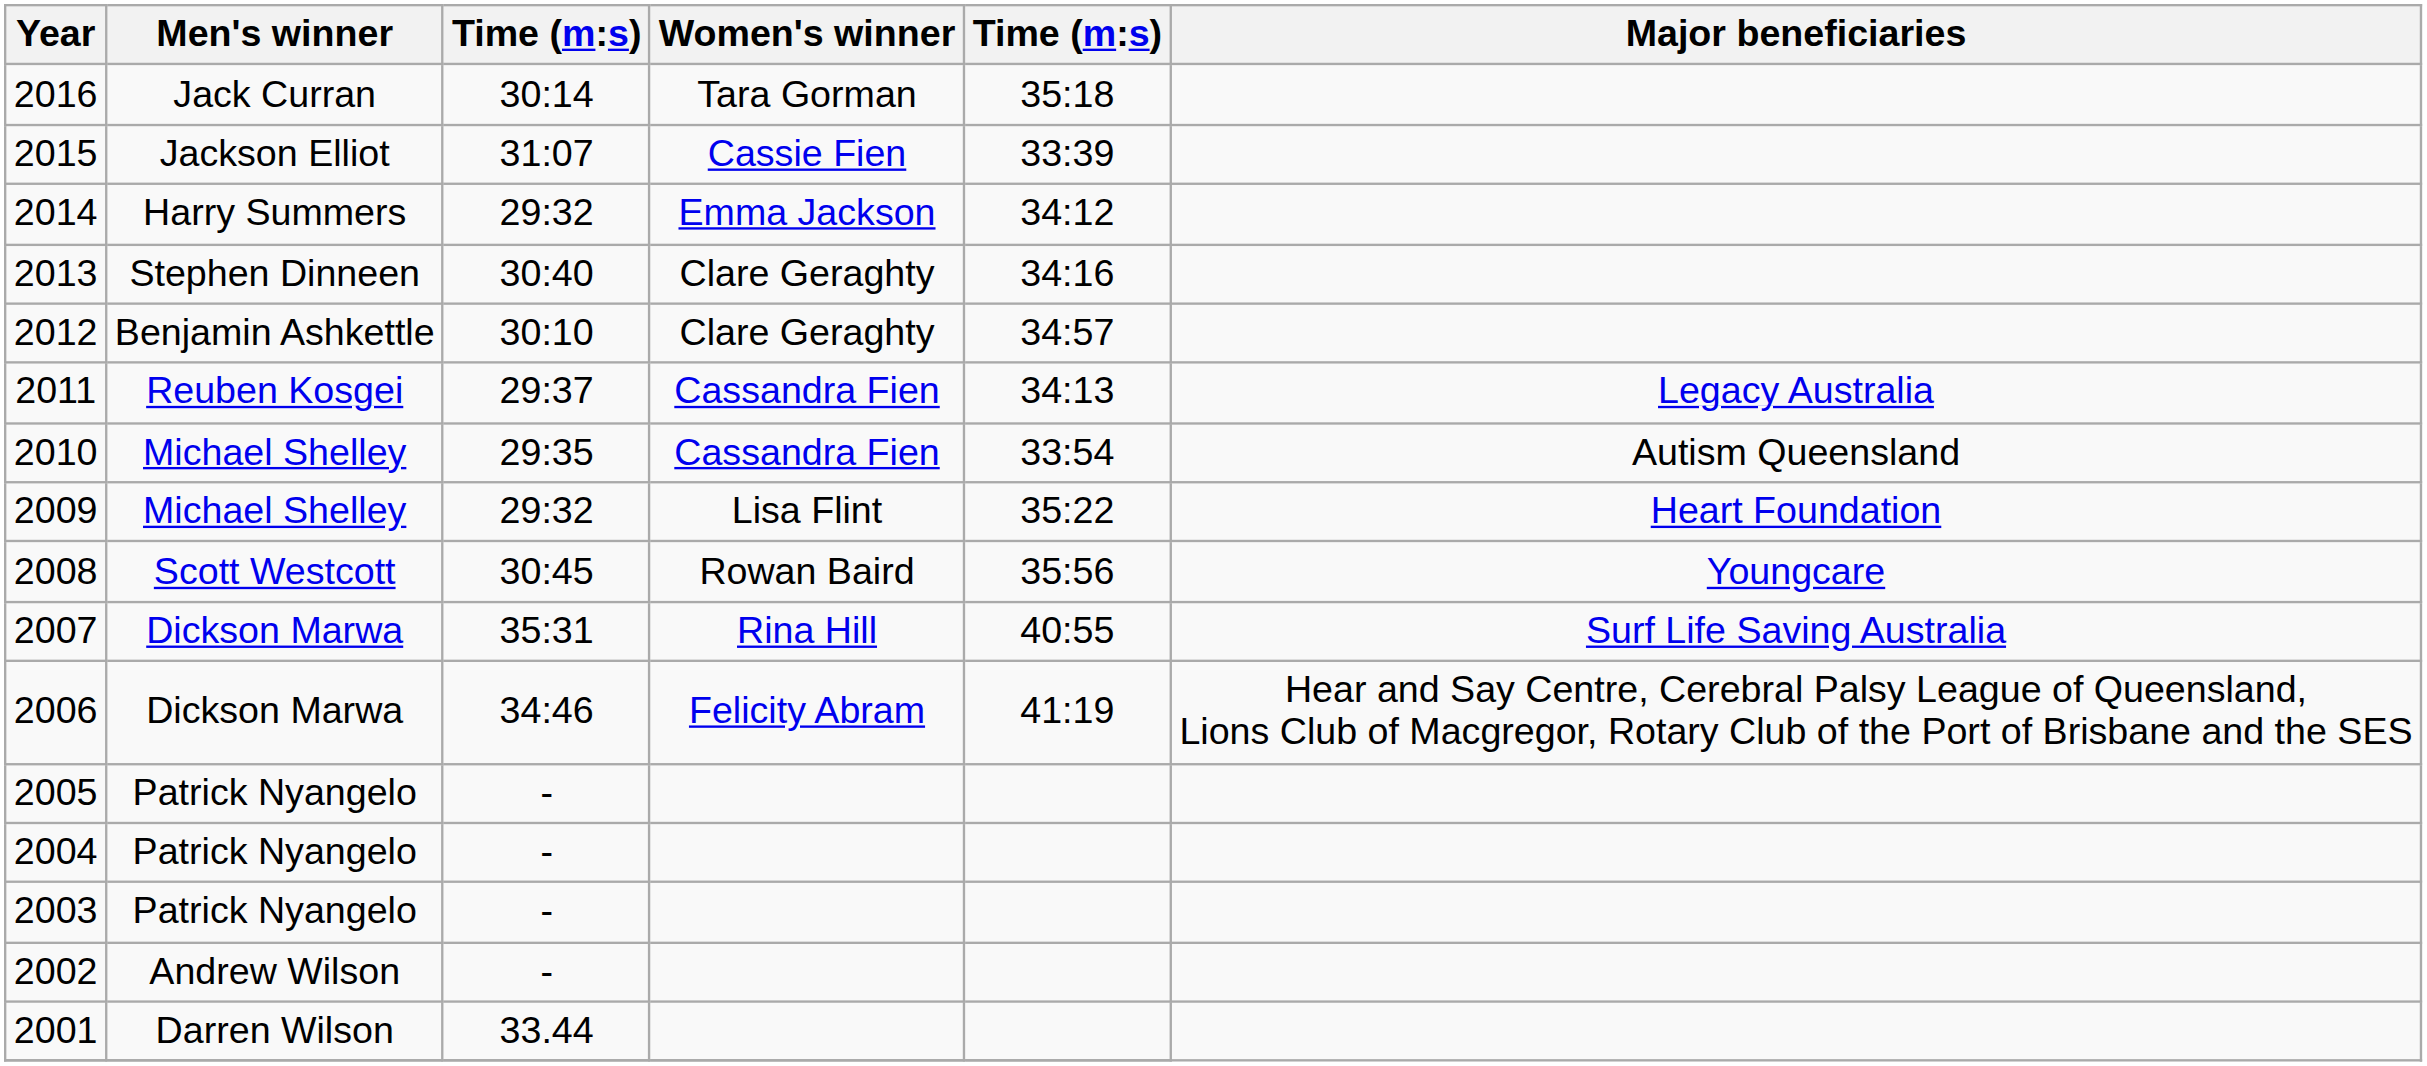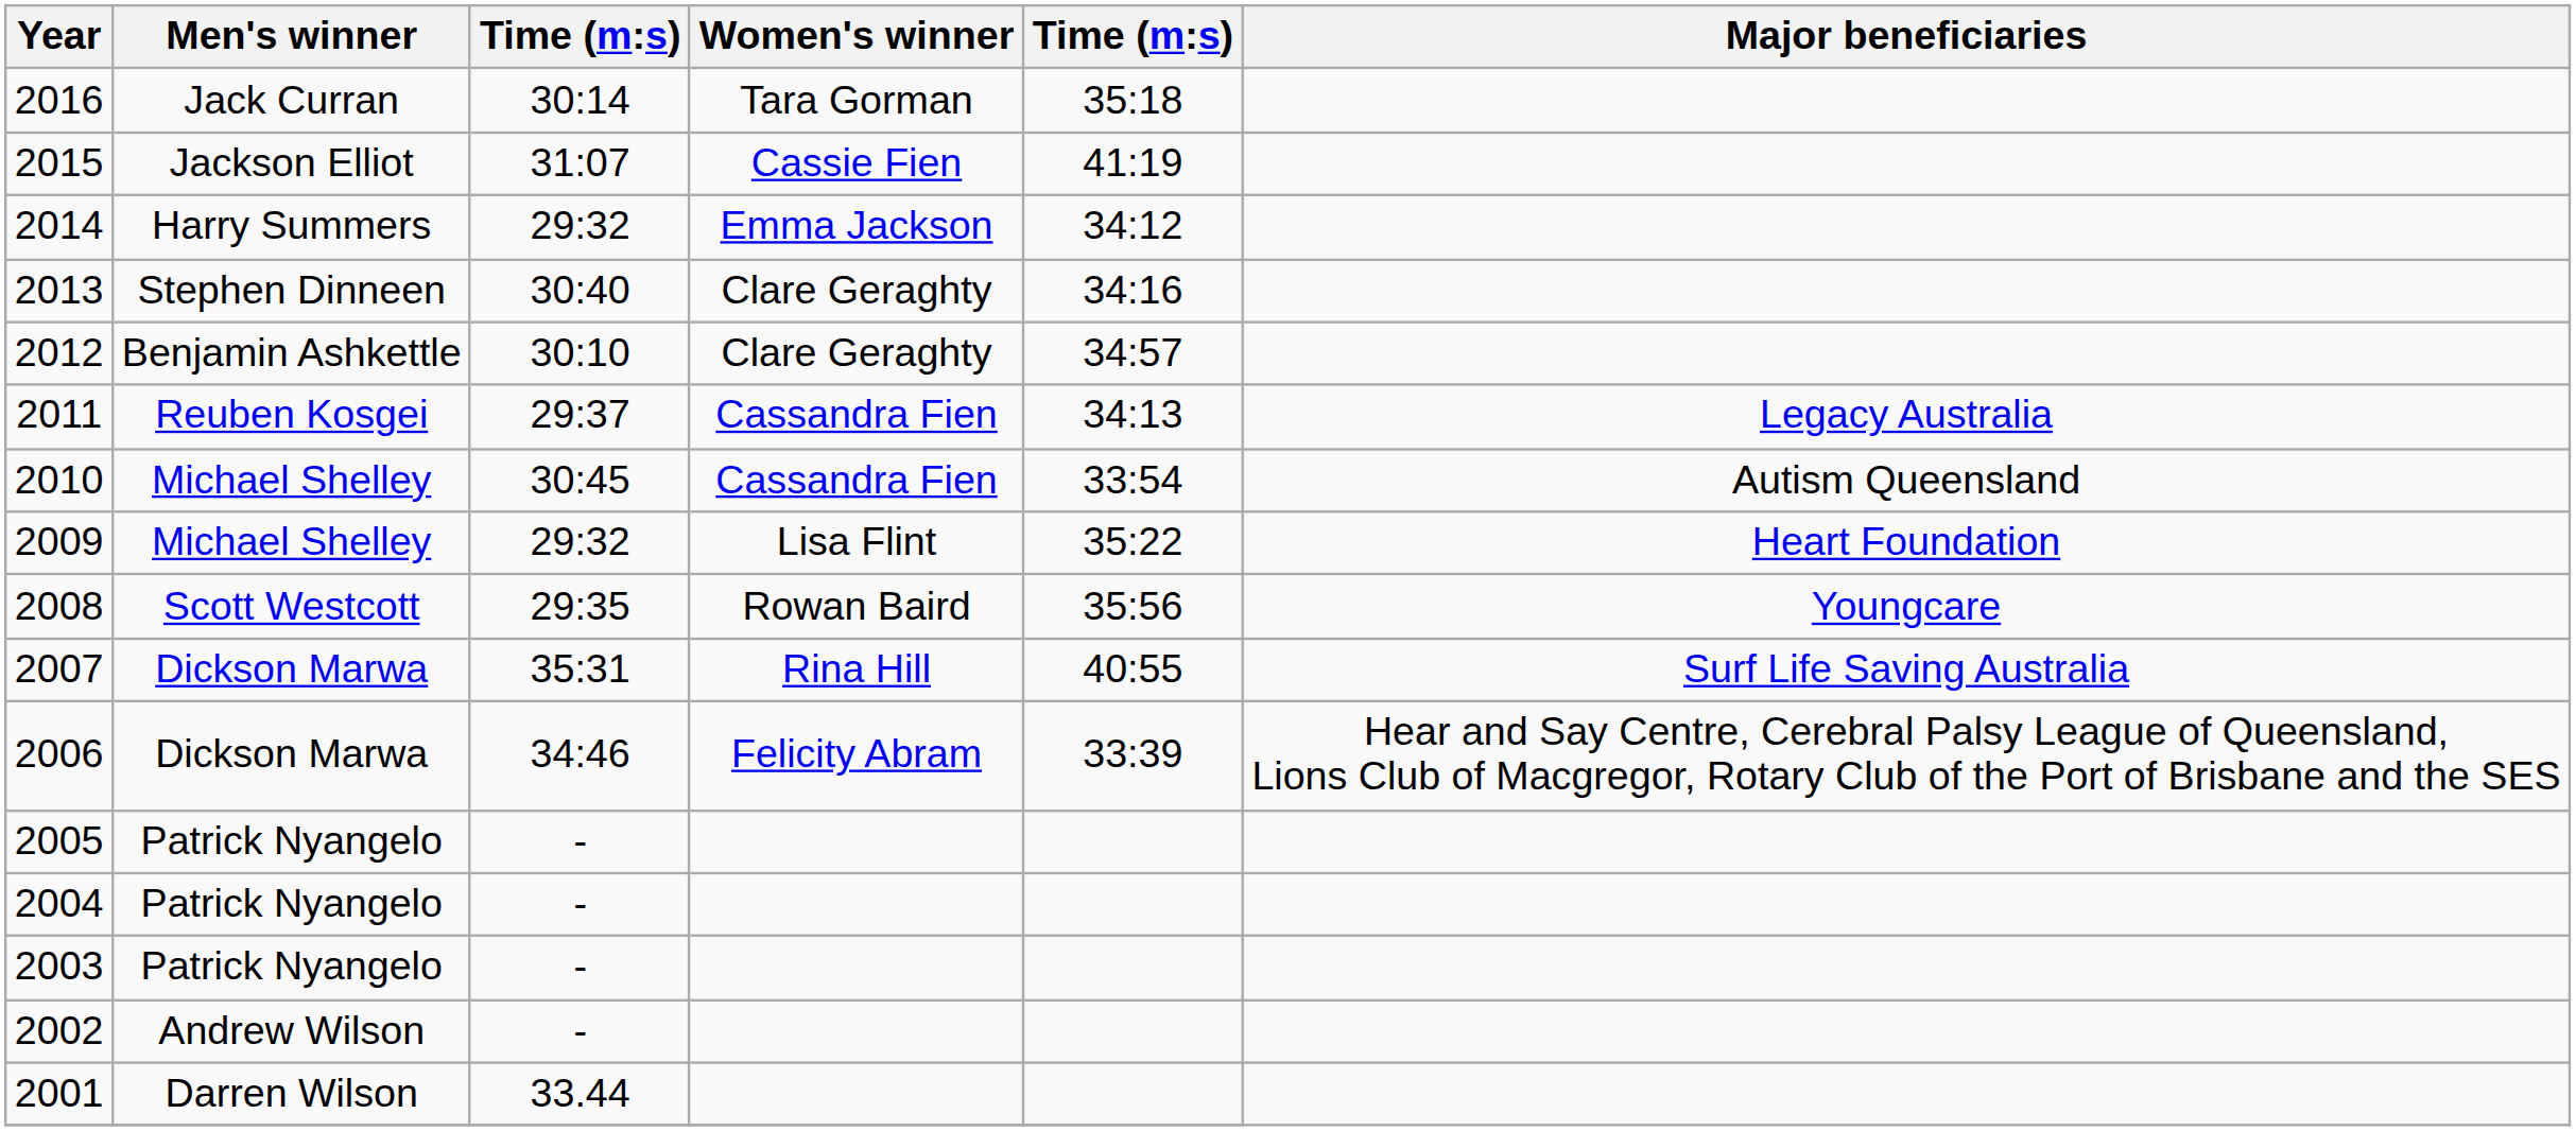 <table class="wikitable sortable" style="text-align:center" border="1">
 <tr>
 <th>Year</th>
 <th align="left" class=unsortable>Men's winner</th>
 <th>Time (<a href='#'>m</a>:<a href='#'>s</a>)</th>
 <th align="left" class=unsortable>Women's winner</th>
 <th>Time (<a href='#'>m</a>:<a href='#'>s</a>)</th>
 <th>Major beneficiaries</th>
 </tr>
 <tr>
 <td>2016</td>
 <td>Jack Curran</td>
 <td>30:14</td>
 <td>Tara Gorman</td>
 <td>35:18</td>
 <td></td>
 </tr>
 <tr>
 <td>2015</td>
 <td>Jackson Elliot</td>
 <td>31:07</td>
 <td><a href='#'>Cassie Fien</a></td>
-<td>33:39</td>
+<td>41:19</td>
 <td></td>
 </tr>
 <tr>
 <td>2014</td>
 <td>Harry Summers</td>
 <td>29:32</td>
 <td><a href='#'>Emma Jackson</a></td>
 <td>34:12</td>
 <td></td>
 </tr>
 <tr>
 <td>2013</td>
 <td>Stephen Dinneen</td>
 <td>30:40</td>
 <td>Clare Geraghty</td>
 <td>34:16</td>
 <td></td>
 </tr>
 <tr>
 <td>2012</td>
 <td>Benjamin Ashkettle</td>
 <td>30:10</td>
 <td>Clare Geraghty</td>
 <td>34:57</td>
 <td></td>
 </tr>
 <tr>
 <td>2011</td>
 <td><a href='#'>Reuben Kosgei</a></td>
 <td>29:37</td>
 <td><a href='#'>Cassandra Fien</a></td>
 <td>34:13</td>
 <td><a href='#'>Legacy Australia</a></td>
 </tr>
 <tr>
 <td>2010</td>
 <td><a href='#'>Michael Shelley</a></td>
-<td>29:35</td>
+<td>30:45</td>
 <td><a href='#'>Cassandra Fien</a></td>
 <td>33:54</td>
 <td>Autism Queensland</td>
 </tr>
 <tr>
 <td>2009</td>
 <td><a href='#'>Michael Shelley</a></td>
 <td>29:32</td>
 <td>Lisa Flint</td>
 <td>35:22</td>
 <td><a href='#'>Heart Foundation</a></td>
 </tr>
 <tr>
 <td>2008</td>
 <td><a href='#'>Scott Westcott</a></td>
-<td>30:45</td>
+<td>29:35</td>
 <td>Rowan Baird</td>
 <td>35:56</td>
 <td><a href='#'>Youngcare</a></td>
 </tr>
 <tr>
 <td>2007</td>
 <td><a href='#'>Dickson Marwa</a></td>
 <td>35:31</td>
 <td><a href='#'>Rina Hill</a></td>
 <td>40:55</td>
 <td><a href='#'>Surf Life Saving Australia</a></td>
 </tr>
 <tr>
 <td>2006</td>
 <td>Dickson Marwa</td>
 <td>34:46</td>
 <td><a href='#'>Felicity Abram</a></td>
-<td>41:19</td>
+<td>33:39</td>
 <td>Hear and Say Centre, Cerebral Palsy League of Queensland,<br>Lions Club of Macgregor, Rotary Club of the Port of Brisbane and the SES </td>
 </tr>
 <tr>
 <td>2005</td>
 <td>Patrick Nyangelo</td>
 <td>-</td>
 <td></td>
 <td></td>
 <td></td>
 </tr>
 <tr>
 <td>2004</td>
 <td>Patrick Nyangelo</td>
 <td>-</td>
 <td></td>
 <td></td>
 <td></td>
 </tr>
 <tr>
 <td>2003</td>
 <td>Patrick Nyangelo</td>
 <td>-</td>
 <td></td>
 <td></td>
 <td></td>
 </tr>
 <tr>
 <td>2002</td>
 <td>Andrew Wilson</td>
 <td>-</td>
 <td></td>
 <td></td>
 <td></td>
 </tr>
 <tr>
 <td>2001</td>
 <td>Darren Wilson</td>
 <td>33.44</td>
 <td></td>
 <td></td>
 </tr>
 <tr>
 </tr>
 </table>
